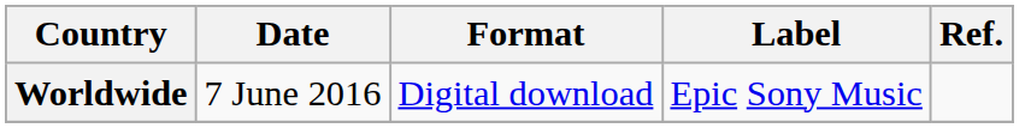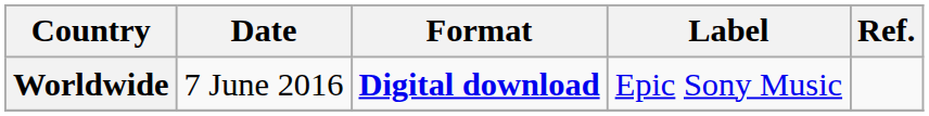 <table class="wikitable plainrowheaders">
 <tr>
 <th scope="col">Country</th>
 <th scope="col">Date</th>
 <th scope="col">Format</th>
 <th scope="col">Label</th>
 <th scope="col">Ref.</th>
 </tr>
 <tr>
 <th scope="row">Worldwide</th>
 <td rowspan="1">7 June 2016</td>
-<td rowspan="1"><a href='#'>Digital download</a></td>
+<td rowspan="1"><strong><a href='#'>Digital download</a></strong></td>
 <td rowspan="1"><a href='#'>Epic</a> <a href='#'>Sony Music</a></td>
 <td></td>
 </tr>
 <tr>
 </tr>
 </table>
